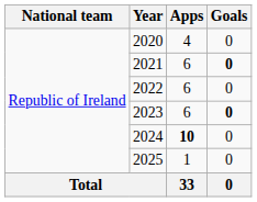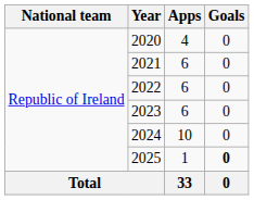 <table class="wikitable" style="text-align: center;">
 <tr>
 <th>National team</th>
 <th>Year</th>
 <th>Apps</th>
 <th>Goals</th>
 </tr>
 <tr>
 <td rowspan="6"><a href='#'>Republic of Ireland</a></td>
 <td>2020</td>
 <td>4</td>
 <td>0</td>
 </tr>
 <tr>
 <td>2021</td>
 <td>6</td>
-<td><strong>0</strong></td>
+<td>0</td>
 </tr>
 <tr>
 <td>2022</td>
 <td>6</td>
 <td>0</td>
 </tr>
 <tr>
 <td>2023</td>
 <td>6</td>
-<td><strong>0</strong></td>
+<td>0</td>
 </tr>
 <tr>
 <td>2024</td>
-<td><strong>10</strong></td>
+<td>10</td>
 <td>0</td>
 </tr>
 <tr>
 <td>2025</td>
 <td>1</td>
-<td>0</td>
+<td><strong>0</strong></td>
 </tr>
 <tr>
 <th colspan="2">Total</th>
 <th>33</th>
 <th>0</th>
 </tr>
 </table>
